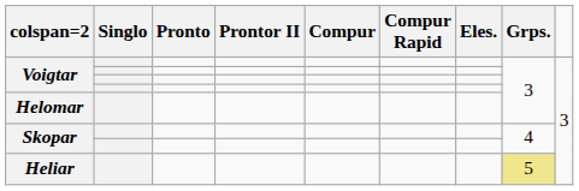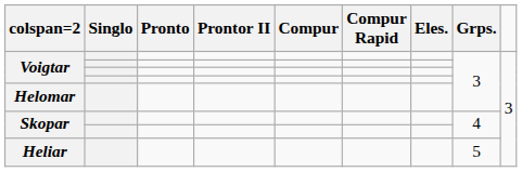 <table class="wikitable" style="font-size:85%;text-align:center;">
 <tr>
 <th>colspan=2 </th>
 <th>Singlo</th>
 <th>Pronto</th>
 <th>Prontor II</th>
 <th>Compur</th>
 <th>Compur<br>Rapid</th>
 <th>Eles.</th>
 <th>Grps.</th>
 </tr>
 <tr>
 <th rowspan=4><em>Voigtar</em></th>
 <th></th>
 <td></td>
 <td></td>
 <td></td>
 <td></td>
 <td></td>
 <td rowspan=5>3</td>
 <td rowspan=8>3</td>
 </tr>
 <tr>
 <th></th>
 <td></td>
 <td></td>
 <td></td>
 <td></td>
 <td></td>
 </tr>
 <tr>
 <th></th>
 <td></td>
 <td></td>
 <td></td>
 <td></td>
 <td></td>
 </tr>
 <tr>
 <th></th>
 <td></td>
 <td></td>
 <td></td>
 <td></td>
 <td></td>
 </tr>
 <tr>
 <th><em>Helomar</em></th>
 <th></th>
 <td></td>
 <td></td>
 <td></td>
 <td></td>
 <td></td>
 </tr>
 <tr>
 <th rowspan=2><em>Skopar</em></th>
 <th></th>
 <td></td>
 <td></td>
 <td></td>
 <td></td>
 <td></td>
 <td rowspan=2>4</td>
 </tr>
 <tr>
 <th></th>
 <td></td>
 <td></td>
 <td></td>
 <td></td>
 <td></td>
 </tr>
 <tr>
 <th><em>Heliar</em></th>
 <th></th>
 <td></td>
 <td></td>
 <td></td>
 <td></td>
 <td></td>
-<td style="background: khaki;">5</td>
+<td>5</td>
 </tr>
 </table>
